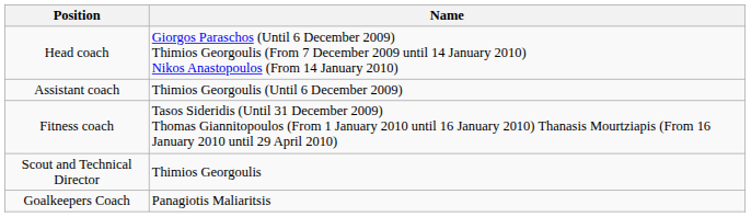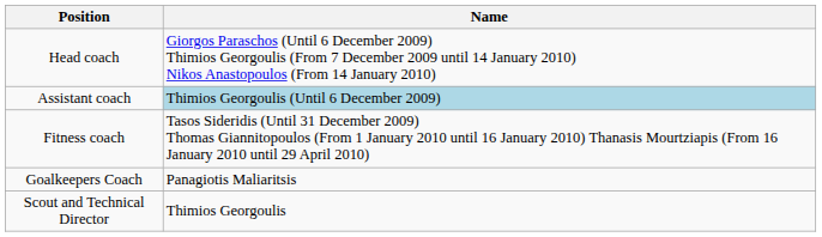 <table class="wikitable" style="text-align: center;">
 <tr>
 <th>Position</th>
 <th>Name</th>
 </tr>
 <tr>
 <td>Head coach</td>
 <td style="text-align:left;"><a href='#'>Giorgos Paraschos</a> (Until 6 December 2009)<br>Thimios Georgoulis (From 7 December 2009 until 14 January 2010)<br><a href='#'>Nikos Anastopoulos</a> (From 14 January 2010)</td>
 </tr>
 <tr>
 <td>Assistant coach</td>
-<td style="text-align:left;">Thimios Georgoulis (Until 6 December 2009)</td>
+<td style="background: lightblue; text-align:left;">Thimios Georgoulis (Until 6 December 2009)</td>
 </tr>
 <tr>
 <td>Fitness coach</td>
 <td style="text-align:left;">Tasos Sideridis (Until 31 December 2009)<br>Thomas Giannitopoulos (From 1 January 2010 until 16 January 2010) Thanasis Mourtziapis (From 16 January 2010 until 29 April 2010)</td>
 </tr>
 <tr>
+<td>Goalkeepers Coach</td>
+<td style="text-align:left;">Panagiotis Maliaritsis</td>
+</tr>
+<tr>
 <td>Scout and Technical Director</td>
 <td style="text-align:left;">Thimios Georgoulis</td>
 </tr>
-<tr>
-<td>Goalkeepers Coach</td>
-<td style="text-align:left;">Panagiotis Maliaritsis</td>
-</tr>
 </table>
